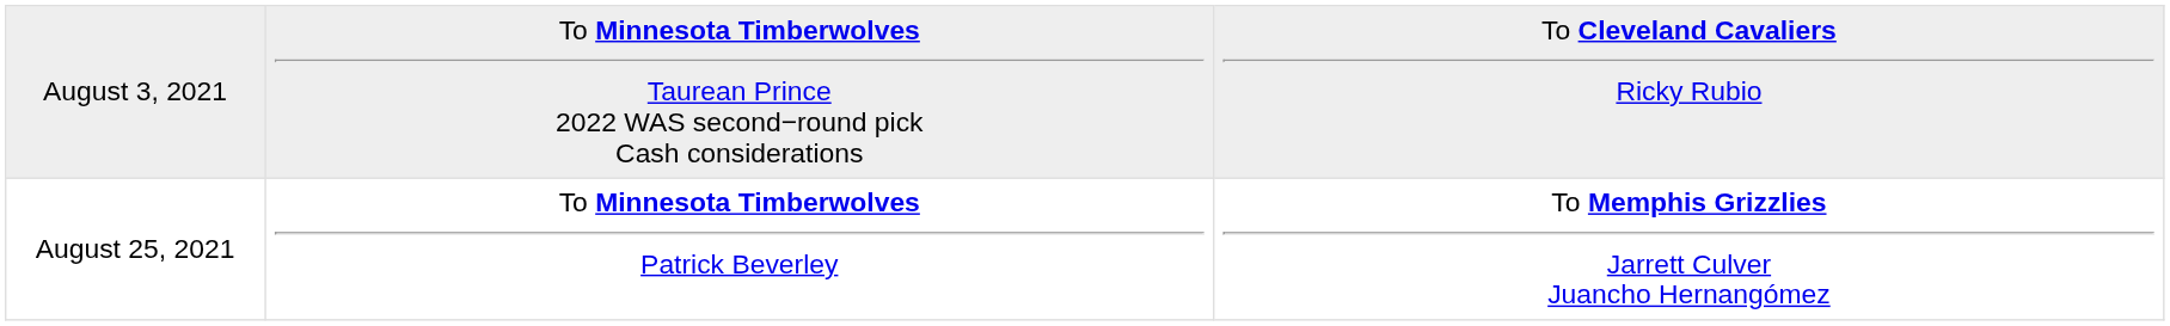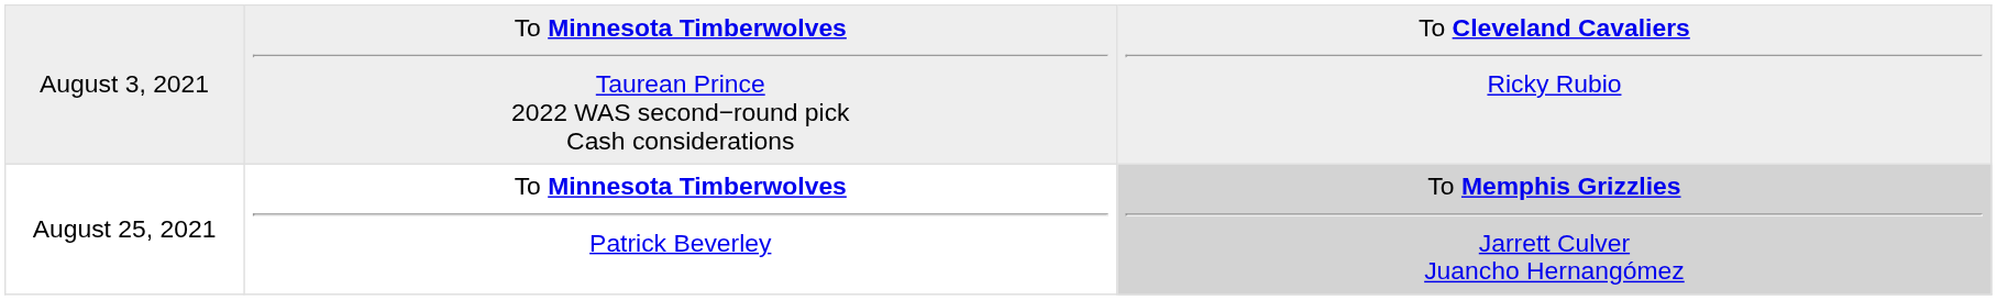 <table border=1 style="border-collapse:collapse; text-align: center; width: 100%" bordercolor="#DFDFDF"  cellpadding="5">
 <tr style="background:#eee;">
 <td style="width:12%">August 3, 2021</td>
 <td style="width:44%; vertical-align:top;">To <strong><a href='#'>Minnesota Timberwolves</a></strong><hr><a href='#'>Taurean Prince</a><br>2022 WAS second−round pick<br>Cash considerations</td>
 <td style="width:44%; vertical-align:top;">To <strong><a href='#'>Cleveland Cavaliers</a></strong><hr><a href='#'>Ricky Rubio</a></td>
 </tr>
 <tr>
 <td style="width:12%">August 25, 2021</td>
 <td style="width:44%; vertical-align:top;">To <strong><a href='#'>Minnesota Timberwolves</a></strong><hr><a href='#'>Patrick Beverley</a></td>
-<td style="width:44%; vertical-align:top;">To <strong><a href='#'>Memphis Grizzlies</a></strong><hr><a href='#'>Jarrett Culver</a><br><a href='#'>Juancho Hernangómez</a></td>
+<td style="background: lightgrey; width:44%; vertical-align:top;">To <strong><a href='#'>Memphis Grizzlies</a></strong><hr><a href='#'>Jarrett Culver</a><br><a href='#'>Juancho Hernangómez</a></td>
 </tr>
 </table>
